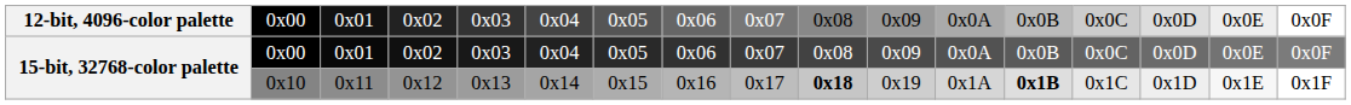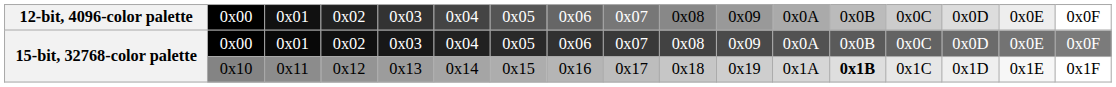 <table class="wikitable" style="color: black; text-align: center;">
 <tr>
 <th style="width: 12pc;">12-bit, 4096-color palette</th>
 <td style="color:white; background:#000; width:36pt;">0x00</td>
 <td style="color:white; background:#111; width:36pt;">0x01</td>
 <td style="color:white; background:#222; width:36pt;">0x02</td>
 <td style="color:white; background:#333; width:36pt;">0x03</td>
 <td style="color:white; background:#444; width:36pt;">0x04</td>
 <td style="color:white; background:#555; width:36pt;">0x05</td>
 <td style="color:white; background:#666; width:36pt;">0x06</td>
 <td style="color:white; background:#777; width:36pt;">0x07</td>
 <td style="color:black; background:#888888; width:36pt;">0x08</td>
 <td style="color:black; background:#999; width:36pt;">0x09</td>
 <td style="color:black; background:#aaa; width:36pt;">0x0A</td>
 <td style="color:black; background:#bbb; width:36pt;">0x0B</td>
 <td style="color:black; background:#ccc; width:36pt;">0x0C</td>
 <td style="color:black; background:#ddd; width:36pt;">0x0D</td>
 <td style="color:black; background:#eee; width:36pt;">0x0E</td>
 <td style="color:black; background:#fff; width:36pt;">0x0F</td>
 </tr>
 <tr>
 <th rowspan="2">15-bit, 32768-color palette</th>
 <td style="color:white; background:#000;">0x00</td>
 <td style="color:white; background:#080808;">0x01</td>
 <td style="color:white; background:#101010;">0x02</td>
 <td style="color:white; background:#181818;">0x03</td>
 <td style="color:white; background:#212121;">0x04</td>
 <td style="color:white; background:#292929;">0x05</td>
 <td style="color:white; background:#313131;">0x06</td>
 <td style="color:white; background:#393939;">0x07</td>
 <td style="color:white; background:#424242;">0x08</td>
 <td style="color:white; background:#4a4a4a;">0x09</td>
 <td style="color:white; background:#525252;">0x0A</td>
 <td style="color:white; background:#5a5a5a;">0x0B</td>
 <td style="color:white; background:#636363;">0x0C</td>
 <td style="color:white; background:#6b6b6b;">0x0D</td>
 <td style="color:white; background:#737373;">0x0E</td>
 <td style="color:white; background:#7b7b7b;">0x0F</td>
 </tr>
 <tr style="color:black;">
 <td style="background:#848484;">0x10</td>
 <td style="background:#8c8c8c;">0x11</td>
 <td style="background:#949494;">0x12</td>
 <td style="background:#9c9c9c;">0x13</td>
 <td style="background:#a5a5a5;">0x14</td>
 <td style="background:#adadad;">0x15</td>
 <td style="background:#b5b5b5;">0x16</td>
 <td style="background:#bdbdbd;">0x17</td>
-<td style="background:#c6c6c6;"><strong>0x18</strong></td>
+<td style="background:#c6c6c6;">0x18</td>
 <td style="background:#cecece;">0x19</td>
 <td style="background:#d6d6d6;">0x1A</td>
 <td style="background:#dedede;"><strong>0x1B</strong></td>
 <td style="background:#e7e7e7;">0x1C</td>
 <td style="background:#efefef;">0x1D</td>
 <td style="background:#f7f7f7;">0x1E</td>
 <td style="background:#fff;">0x1F</td>
 </tr>
 </table>
